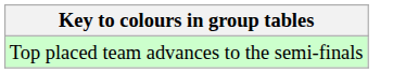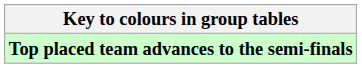 <table class="wikitable">
 <tr>
 <th>Key to colours in group tables</th>
 </tr>
 <tr bgcolor=#ccffcc>
-<td>Top placed team advances to the semi-finals</td>
+<td><strong>Top placed team advances to the semi-finals</strong></td>
 </tr>
 </table>
